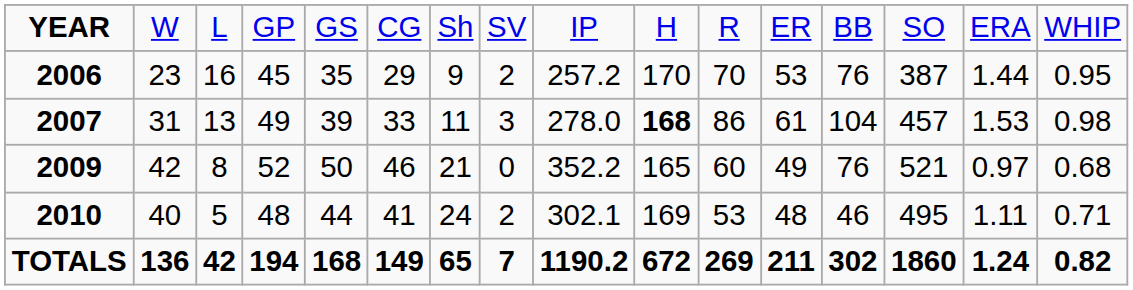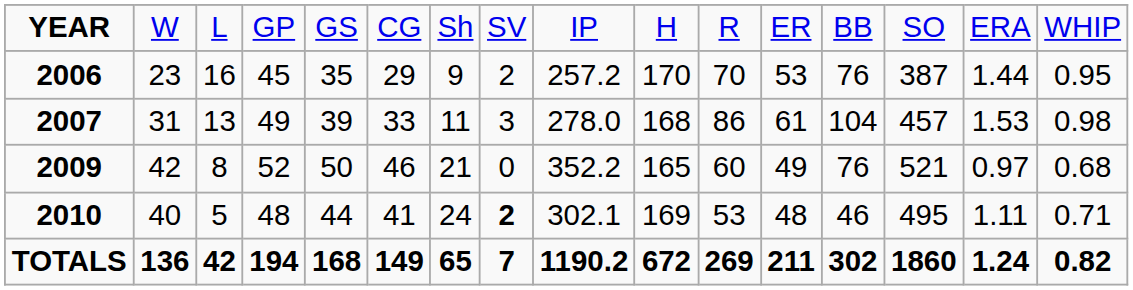 <table class="wikitable">
 <tr align=center>
 <td><strong>YEAR</strong></td>
 <td><a href='#'>W</a></td>
 <td><a href='#'>L</a></td>
 <td><a href='#'>GP</a></td>
 <td><a href='#'>GS</a></td>
 <td><a href='#'>CG</a></td>
 <td><a href='#'>Sh</a></td>
 <td><a href='#'>SV</a></td>
 <td><a href='#'>IP</a></td>
 <td><a href='#'>H</a></td>
 <td><a href='#'>R</a></td>
 <td><a href='#'>ER</a></td>
 <td><a href='#'>BB</a></td>
 <td><a href='#'>SO</a></td>
 <td><a href='#'>ERA</a></td>
 <td><a href='#'>WHIP</a></td>
 </tr>
 <tr align=center>
 <td><strong>2006</strong></td>
 <td>23</td>
 <td>16</td>
 <td>45</td>
 <td>35</td>
 <td>29</td>
 <td>9</td>
 <td>2</td>
 <td>257.2</td>
 <td>170</td>
 <td>70</td>
 <td>53</td>
 <td>76</td>
 <td>387</td>
 <td>1.44</td>
 <td>0.95</td>
 </tr>
 <tr align=center>
 <td><strong>2007</strong></td>
 <td>31</td>
 <td>13</td>
 <td>49</td>
 <td>39</td>
 <td>33</td>
 <td>11</td>
 <td>3</td>
 <td>278.0</td>
-<td><strong>168</strong></td>
+<td>168</td>
 <td>86</td>
 <td>61</td>
 <td>104</td>
 <td>457</td>
 <td>1.53</td>
 <td>0.98</td>
 </tr>
 <tr align=center>
 <td><strong>2009</strong></td>
 <td>42</td>
 <td>8</td>
 <td>52</td>
 <td>50</td>
 <td>46</td>
 <td>21</td>
 <td>0</td>
 <td>352.2</td>
 <td>165</td>
 <td>60</td>
 <td>49</td>
 <td>76</td>
 <td>521</td>
 <td>0.97</td>
 <td>0.68</td>
 </tr>
 <tr align=center>
 <td><strong>2010</strong></td>
 <td>40</td>
 <td>5</td>
 <td>48</td>
 <td>44</td>
 <td>41</td>
 <td>24</td>
-<td>2</td>
+<td><strong>2</strong></td>
 <td>302.1</td>
 <td>169</td>
 <td>53</td>
 <td>48</td>
 <td>46</td>
 <td>495</td>
 <td>1.11</td>
 <td>0.71</td>
 </tr>
 <tr align=center>
 <td><strong>TOTALS</strong></td>
 <td><strong>136</strong></td>
 <td><strong>42</strong></td>
 <td><strong>194</strong></td>
 <td><strong>168</strong></td>
 <td><strong>149</strong></td>
 <td><strong>65</strong></td>
 <td><strong>7</strong></td>
 <td><strong>1190.2</strong></td>
 <td><strong>672</strong></td>
 <td><strong>269</strong></td>
 <td><strong>211</strong></td>
 <td><strong>302</strong></td>
 <td><strong>1860</strong></td>
 <td><strong>1.24</strong></td>
 <td><strong>0.82</strong></td>
 </tr>
 </table>
